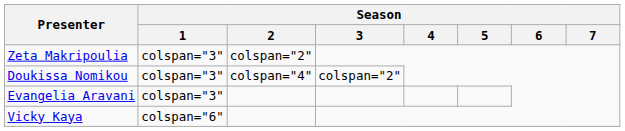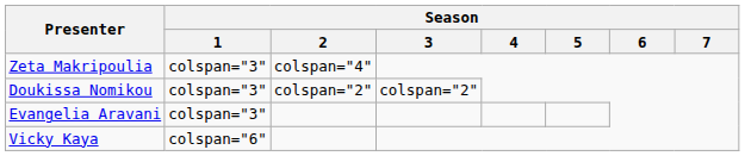 <table class="wikitable" style="margin:left;">
 <tr>
 <th rowspan="2">Presenter</th>
 <th colspan="14">Season</th>
 </tr>
 <tr>
 <th width="50">1</th>
 <th width="50">2</th>
 <th width="50">3</th>
 <th width="50">4</th>
 <th width="50">5</th>
 <th width="50">6</th>
 <th width="50">7</th>
 </tr>
 <tr>
 <td><a href='#'>Zeta Makripoulia</a></td>
 <td>colspan="3" </td>
-<td>colspan="2" </td>
+<td>colspan="4" </td>
 </tr>
 <tr>
 <td><a href='#'>Doukissa Nomikou</a></td>
 <td>colspan="3" </td>
-<td>colspan="4" </td>
+<td>colspan="2" </td>
 <td>colspan="2" </td>
 </tr>
 <tr>
 <td><a href='#'>Evangelia Aravani</a></td>
 <td>colspan="3" </td>
 <td></td>
 <td></td>
 <td></td>
 <td></td>
 </tr>
 <tr>
 <td><a href='#'>Vicky Kaya</a></td>
 <td>colspan="6" </td>
 <td></td>
 </tr>
 </table>
